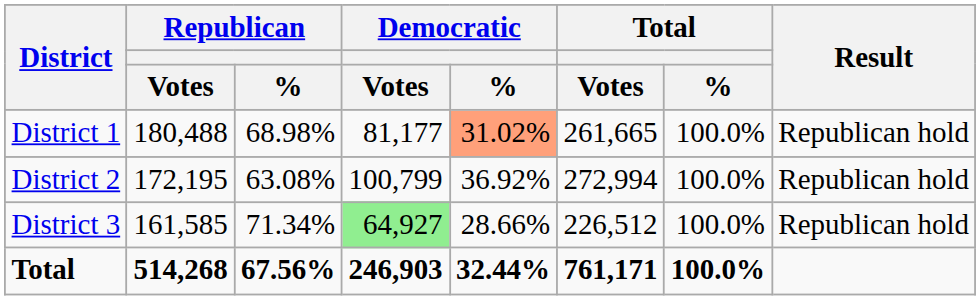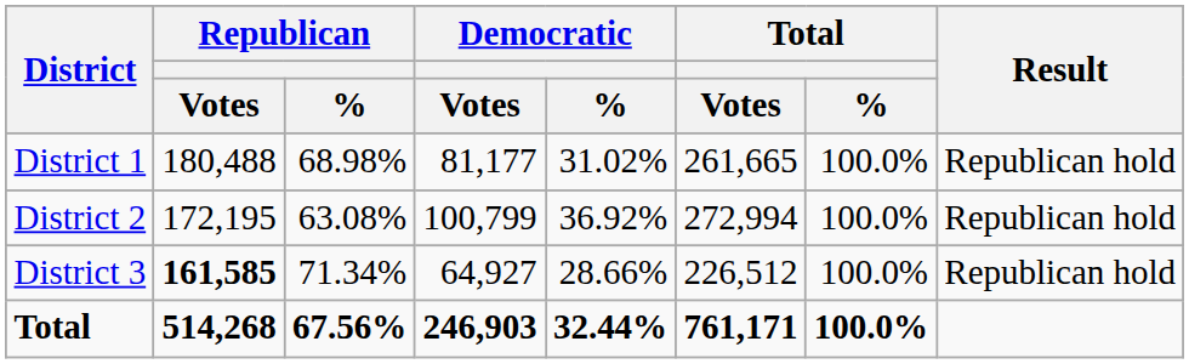 <table class="wikitable plainrowheaders sortable" style="text-align:right;">
 <tr>
 <th scope=col rowspan=3><a href='#'>District</a></th>
 <th scope=col colspan=2><a href='#'>Republican</a></th>
 <th scope=col colspan=2><a href='#'>Democratic</a></th>
 <th scope=col colspan=2>Total</th>
 <th scope=col rowspan=3>Result</th>
 </tr>
 <tr>
 <th scope=col colspan=2 style="background:"></th>
 <th scope=col colspan=2 style="background:"></th>
 <th scope=col colspan=2></th>
 </tr>
 <tr>
 <th scope=col data-sort-type="number">Votes</th>
 <th scope=col data-sort-type="number">%</th>
 <th scope=col data-sort-type="number">Votes</th>
 <th scope=col data-sort-type="number">%</th>
 <th scope=col data-sort-type="number">Votes</th>
 <th scope=col data-sort-type="number">%</th>
 </tr>
 <tr>
 <td align=left><a href='#'>District 1</a></td>
 <td>180,488</td>
 <td>68.98%</td>
 <td>81,177</td>
-<td style="background: lightsalmon;">31.02%</td>
+<td>31.02%</td>
 <td>261,665</td>
 <td>100.0%</td>
 <td>Republican hold</td>
 </tr>
 <tr>
 <td align=left><a href='#'>District 2</a></td>
 <td>172,195</td>
 <td>63.08%</td>
 <td>100,799</td>
 <td>36.92%</td>
 <td>272,994</td>
 <td>100.0%</td>
 <td>Republican hold</td>
 </tr>
 <tr>
 <td align=left><a href='#'>District 3</a></td>
-<td>161,585</td>
+<td><strong>161,585</strong></td>
 <td>71.34%</td>
-<td style="background: lightgreen;">64,927</td>
+<td>64,927</td>
 <td>28.66%</td>
 <td>226,512</td>
 <td>100.0%</td>
 <td>Republican hold</td>
 </tr>
 <tr class="sortbottom" style="font-weight:bold">
 <td align=left>Total</td>
 <td>514,268</td>
 <td>67.56%</td>
 <td>246,903</td>
 <td>32.44%</td>
 <td>761,171</td>
 <td>100.0%</td>
 <td></td>
 </tr>
 </table>
